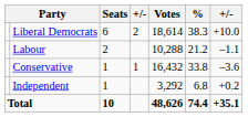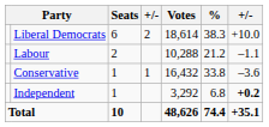 <table class="wikitable sortable">
 <tr>
 <th colspan="2">Party</th>
 <th>Seats</th>
 <th>+/-</th>
 <th>Votes</th>
 <th>%</th>
 <th>+/-</th>
 </tr>
 <tr>
 <td style="background-color: "></td>
 <td><a href='#'>Liberal Democrats</a></td>
 <td>6</td>
 <td> 2</td>
 <td style="text-align:right;">18,614</td>
 <td style="text-align:right;">38.3</td>
 <td style="text-align:right;">+10.0</td>
 </tr>
 <tr>
 <td style="background-color: "></td>
 <td><a href='#'>Labour</a></td>
 <td>2</td>
 <td></td>
 <td style="text-align:right;">10,288</td>
 <td style="text-align:right;">21.2</td>
 <td style="text-align:right;">–1.1</td>
 </tr>
 <tr>
 <td style="background-color: "></td>
 <td><a href='#'>Conservative</a></td>
 <td>1</td>
 <td> 1</td>
 <td style="text-align:right;">16,432</td>
 <td style="text-align:right;">33.8</td>
 <td style="text-align:right;">–3.6</td>
 </tr>
 <tr>
 <td style="background-color: "></td>
 <td><a href='#'>Independent</a></td>
 <td>1</td>
 <td></td>
 <td style="text-align:right;">3,292</td>
 <td style="text-align:right;">6.8</td>
-<td style="text-align:right;">+0.2</td>
+<td style="text-align:right;"><strong>+0.2</strong></td>
 </tr>
 <tr>
 <td colspan="2"><strong>Total</strong></td>
 <td><strong>10</strong></td>
 <td></td>
 <td style="text-align:right;"><strong>48,626</strong></td>
 <td style="text-align:right;"><strong>74.4</strong></td>
 <td style="text-align:right;"><strong>+35.1</strong></td>
 </tr>
 </table>
